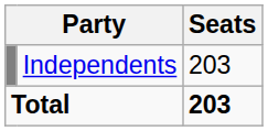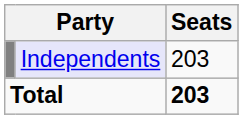 <table class=wikitable>
 <tr>
 <th colspan="2">Party</th>
 <th>Seats</th>
 </tr>
 <tr>
 <td align=center bgcolor=#808080></td>
-<td><a href='#'>Independents</a></td>
+<td style="background: lavender;"><a href='#'>Independents</a></td>
 <td>203</td>
 </tr>
 <tr>
 <td colspan="2"><strong>Total</strong></td>
 <td><strong>203</strong></td>
 </tr>
 </table>
